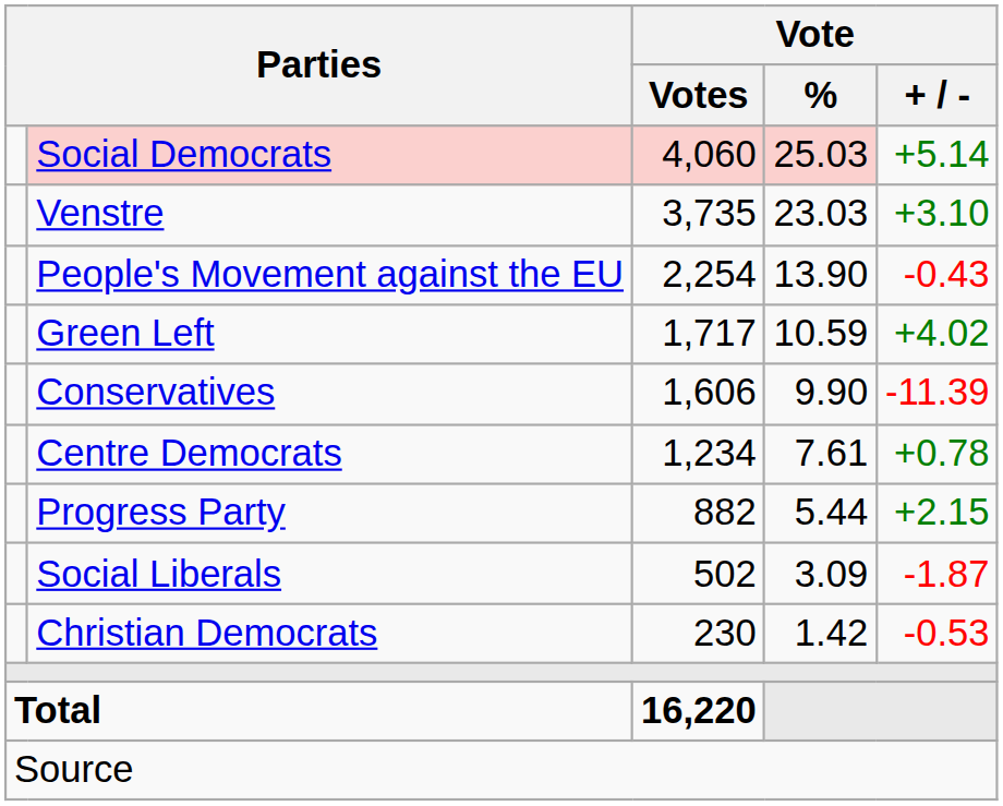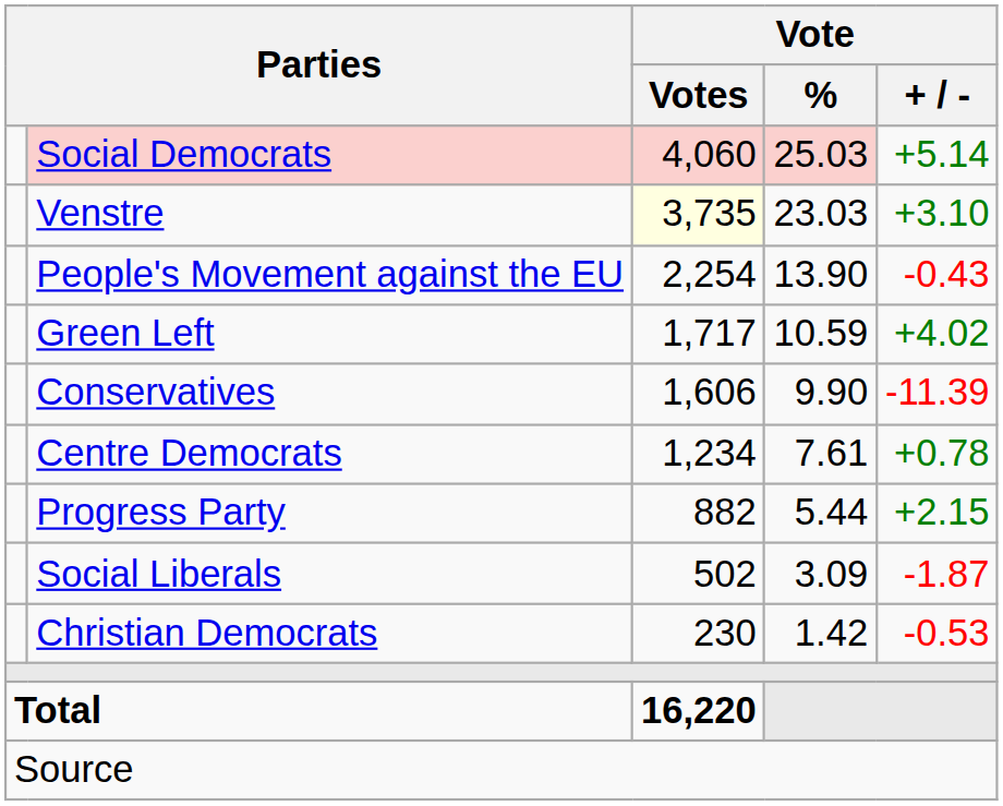 <table class="wikitable" style="text-align:right;">
 <tr>
 <th style="text-align:centre;" rowspan="2" colspan="2" width="225">Parties</th>
 <th colspan="3">Vote</th>
 </tr>
 <tr>
 <th width="15">Votes</th>
 <th width="15">%</th>
 <th width="15">+ / -</th>
 </tr>
 <tr>
 <td width="2" style="color:inherit;background:"></td>
 <td bgcolor=#fbd0ce   align="left"><a href='#'>Social Democrats</a></td>
 <td bgcolor=#fbd0ce>4,060</td>
 <td bgcolor=#fbd0ce>25.03</td>
 <td style=color:green;>+5.14</td>
 </tr>
 <tr>
 <td width="2" style="color:inherit;background:"></td>
 <td align="left"><a href='#'>Venstre</a></td>
-<td>3,735</td>
+<td style="background: lightyellow;">3,735</td>
 <td>23.03</td>
 <td style=color:green;>+3.10</td>
 </tr>
 <tr>
 <td width="2" style="color:inherit;background:"></td>
 <td align="left"><a href='#'>People's Movement against the EU</a></td>
 <td>2,254</td>
 <td>13.90</td>
 <td style=color:red;>-0.43</td>
 </tr>
 <tr>
 <td width="2" style="color:inherit;background:"></td>
 <td align="left"><a href='#'>Green Left</a></td>
 <td>1,717</td>
 <td>10.59</td>
 <td style=color:green;>+4.02</td>
 </tr>
 <tr>
 <td width="2" style="color:inherit;background:"></td>
 <td align="left"><a href='#'>Conservatives</a></td>
 <td>1,606</td>
 <td>9.90</td>
 <td style=color:red;>-11.39</td>
 </tr>
 <tr>
 <td width="2" style="color:inherit;background:"></td>
 <td align="left"><a href='#'>Centre Democrats</a></td>
 <td>1,234</td>
 <td>7.61</td>
 <td style=color:green;>+0.78</td>
 </tr>
 <tr>
 <td width="2" style="color:inherit;background:"></td>
 <td align="left"><a href='#'>Progress Party</a></td>
 <td>882</td>
 <td>5.44</td>
 <td style=color:green;>+2.15</td>
 </tr>
 <tr>
 <td width="2" style="color:inherit;background:"></td>
 <td align="left"><a href='#'>Social Liberals</a></td>
 <td>502</td>
 <td>3.09</td>
 <td style=color:red;>-1.87</td>
 </tr>
 <tr>
 <td width="2" style="color:inherit;background:"></td>
 <td align="left"><a href='#'>Christian Democrats</a></td>
 <td>230</td>
 <td>1.42</td>
 <td style=color:red;>-0.53</td>
 </tr>
 <tr>
 <td colspan="7" bgcolor="#E9E9E9"></td>
 </tr>
 <tr>
 <td align="left" colspan="2"><strong>Total</strong></td>
 <td><strong>16,220</strong></td>
 <td bgcolor="#E9E9E9" colspan="2"></td>
 </tr>
 <tr>
 <td align="left" colspan="6">Source</td>
 </tr>
 </table>
